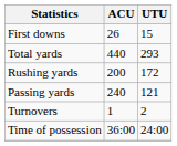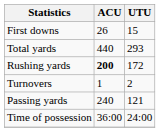 <table class="wikitable">
 <tr>
 <th>Statistics</th>
 <th>ACU</th>
 <th>UTU</th>
 </tr>
 <tr>
 <td>First downs</td>
 <td>26</td>
 <td>15</td>
 </tr>
 <tr>
 <td>Total yards</td>
 <td>440</td>
 <td>293</td>
 </tr>
 <tr>
 <td>Rushing yards</td>
-<td>200</td>
+<td><strong>200</strong></td>
 <td>172</td>
+</tr>
+<tr>
+<td>Turnovers</td>
+<td>1</td>
+<td>2</td>
 </tr>
 <tr>
 <td>Passing yards</td>
 <td>240</td>
 <td>121</td>
-</tr>
-<tr>
-<td>Turnovers</td>
-<td>1</td>
-<td>2</td>
 </tr>
 <tr>
 <td>Time of possession</td>
 <td>36:00</td>
 <td>24:00</td>
 </tr>
 <tr>
 </tr>
 </table>
